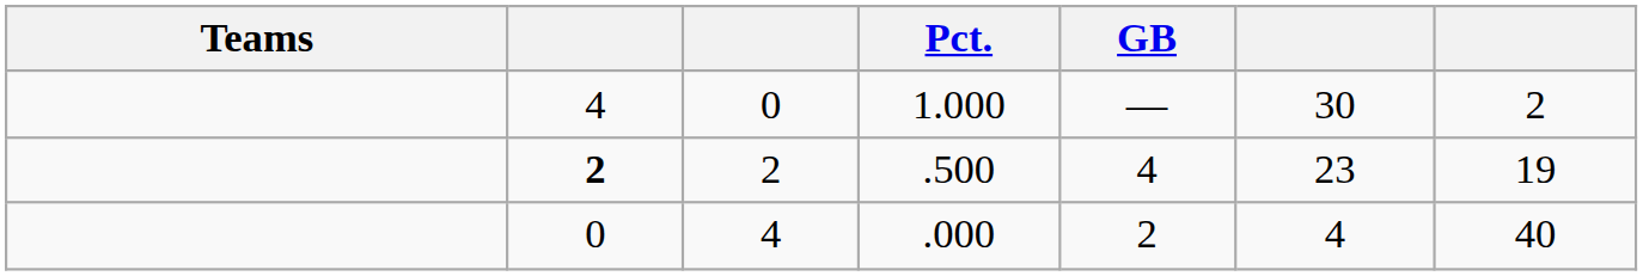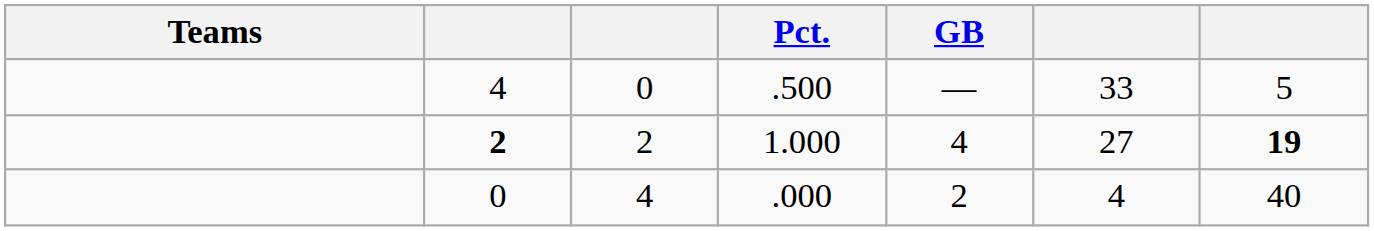 <table class="wikitable" width="50%" style="text-align:center;">
 <tr>
 <th width="20%">Teams</th>
 <th width="7%"></th>
 <th width="7%"></th>
 <th width="8%"><a href='#'>Pct.</a></th>
 <th width="7%"><a href='#'>GB</a></th>
 <th width="8%"></th>
 <th width="8%"></th>
 </tr>
 <tr>
 <td align=left></td>
 <td>4</td>
 <td>0</td>
-<td>1.000</td>
+<td>.500</td>
 <td>—</td>
-<td>30</td>
-<td>2</td>
+<td>33</td>
+<td>5</td>
 </tr>
 <tr>
 <td align=left></td>
 <td><strong>2</strong></td>
 <td>2</td>
-<td>.500</td>
+<td>1.000</td>
 <td>4</td>
-<td>23</td>
-<td>19</td>
+<td>27</td>
+<td><strong>19</strong></td>
 </tr>
 <tr>
 <td align=left></td>
 <td>0</td>
 <td>4</td>
 <td>.000</td>
 <td>2</td>
 <td>4</td>
 <td>40</td>
 </tr>
 </table>
